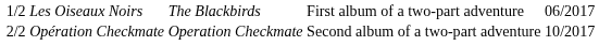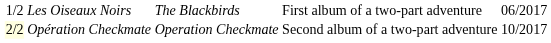 <table>
 <tr>
 <td>1/2</td>
 <td><em>Les Oiseaux Noirs</em></td>
 <td><em>The Blackbirds</em></td>
 <td>First album of a two-part adventure</td>
 <td>06/2017</td>
 </tr>
 <tr>
-<td>2/2</td>
+<td style="background: lightyellow;">2/2</td>
 <td><em>Opération Checkmate</em></td>
 <td><em>Operation Checkmate</em></td>
 <td>Second album of a two-part adventure</td>
 <td>10/2017</td>
 </tr>
 </table>
